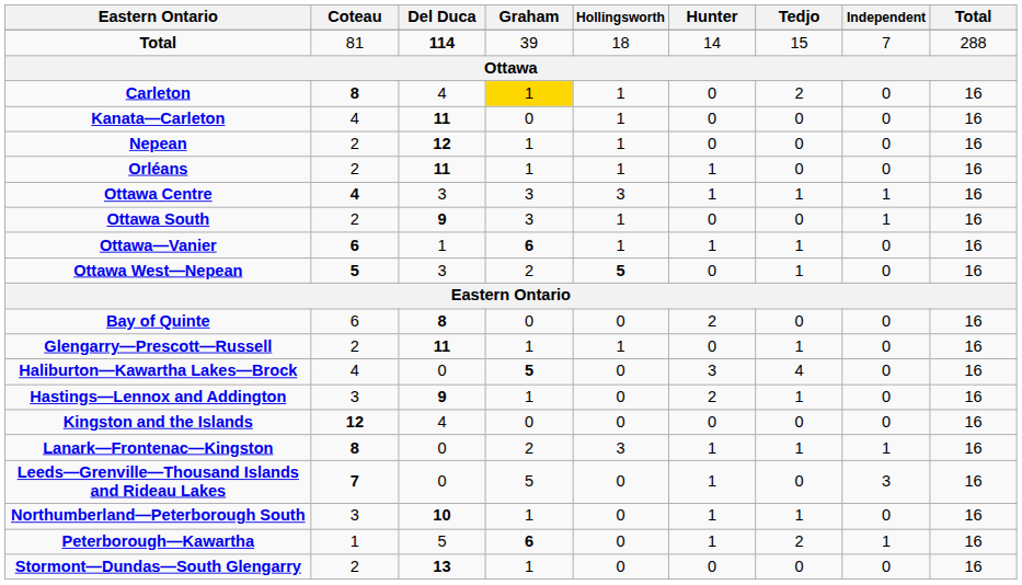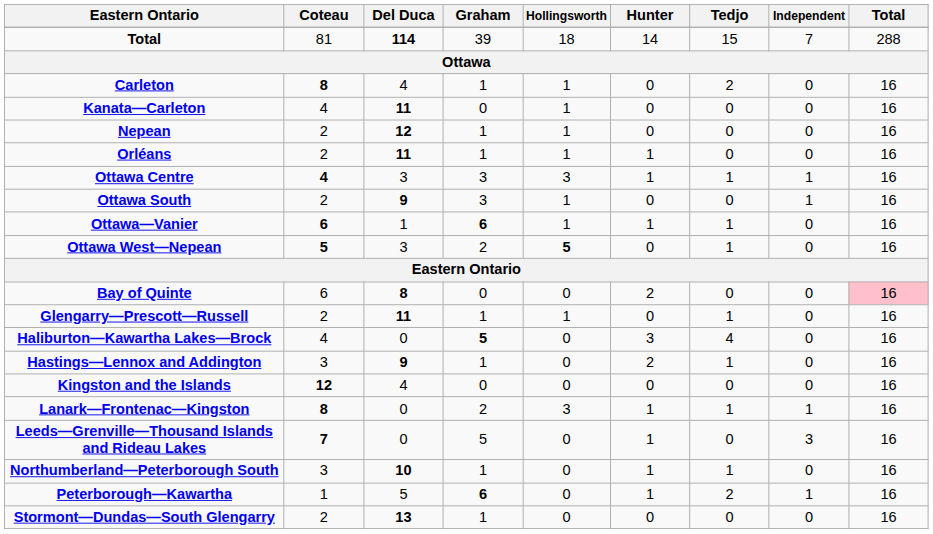 <table class="wikitable mw-collapsible mw-collapsed">
 <tr>
 <th style="width:300px;">Eastern Ontario</th>
 <th style="width:80px;">Coteau</th>
 <th style="width:80px;">Del Duca</th>
 <th style="width:80px;">Graham</th>
 <th style="width:80px;"><small>Hollingsworth</small></th>
 <th style="width:80px;">Hunter</th>
 <th style="width:80px;">Tedjo</th>
 <th style="width:80px;"><small>Independent</small></th>
 <th style="width:80px;">Total</th>
 </tr>
 <tr>
 </tr>
 <tr style="text-align:center;">
 <td><strong>Total</strong></td>
 <td>81</td>
 <td><strong>114</strong></td>
 <td>39</td>
 <td>18</td>
 <td>14</td>
 <td>15</td>
 <td>7</td>
 <td>288</td>
 </tr>
 <tr>
 <th colspan = "9">Ottawa</th>
 </tr>
 <tr style="text-align:center;">
 <td><strong><a href='#'>Carleton</a></strong></td>
 <td><strong>8</strong></td>
 <td>4</td>
-<td style="background: gold;">1</td>
+<td>1</td>
 <td>1</td>
 <td>0</td>
 <td>2</td>
 <td>0</td>
 <td>16</td>
 </tr>
 <tr style="text-align:center;">
 <td><strong><a href='#'>Kanata—Carleton</a></strong></td>
 <td>4</td>
 <td><strong>11</strong></td>
 <td>0</td>
 <td>1</td>
 <td>0</td>
 <td>0</td>
 <td>0</td>
 <td>16</td>
 </tr>
 <tr style="text-align:center;">
 <td><strong><a href='#'>Nepean</a></strong></td>
 <td>2</td>
 <td><strong>12</strong></td>
 <td>1</td>
 <td>1</td>
 <td>0</td>
 <td>0</td>
 <td>0</td>
 <td>16</td>
 </tr>
 <tr style="text-align:center;">
 <td><strong><a href='#'>Orléans</a></strong></td>
 <td>2</td>
 <td><strong>11</strong></td>
 <td>1</td>
 <td>1</td>
 <td>1</td>
 <td>0</td>
 <td>0</td>
 <td>16</td>
 </tr>
 <tr style="text-align:center;">
 <td><strong><a href='#'>Ottawa Centre</a></strong></td>
 <td><strong>4</strong></td>
 <td>3</td>
 <td>3</td>
 <td>3</td>
 <td>1</td>
 <td>1</td>
 <td>1</td>
 <td>16</td>
 </tr>
 <tr style="text-align:center;">
 <td><strong><a href='#'>Ottawa South</a></strong></td>
 <td>2</td>
 <td><strong>9</strong></td>
 <td>3</td>
 <td>1</td>
 <td>0</td>
 <td>0</td>
 <td>1</td>
 <td>16</td>
 </tr>
 <tr style="text-align:center;">
 <td><strong><a href='#'>Ottawa—Vanier</a></strong></td>
 <td><strong>6</strong></td>
 <td>1</td>
 <td><strong>6</strong></td>
 <td>1</td>
 <td>1</td>
 <td>1</td>
 <td>0</td>
 <td>16</td>
 </tr>
 <tr style="text-align:center;">
 <td><strong><a href='#'>Ottawa West—Nepean</a></strong></td>
 <td><strong>5</strong></td>
 <td>3</td>
 <td>2</td>
 <td><strong>5</strong></td>
 <td>0</td>
 <td>1</td>
 <td>0</td>
 <td>16</td>
 </tr>
 <tr>
 <th colspan = "9">Eastern Ontario</th>
 </tr>
 <tr style="text-align:center;">
 <td><strong><a href='#'>Bay of Quinte</a></strong></td>
 <td>6</td>
 <td><strong>8</strong></td>
 <td>0</td>
 <td>0</td>
 <td>2</td>
 <td>0</td>
 <td>0</td>
-<td>16</td>
+<td style="background: pink;">16</td>
 </tr>
 <tr style="text-align:center;">
 <td><strong><a href='#'>Glengarry—Prescott—Russell</a></strong></td>
 <td>2</td>
 <td><strong>11</strong></td>
 <td>1</td>
 <td>1</td>
 <td>0</td>
 <td>1</td>
 <td>0</td>
 <td>16</td>
 </tr>
 <tr style="text-align:center;">
 <td><strong><a href='#'>Haliburton—Kawartha Lakes—Brock</a></strong></td>
 <td>4</td>
 <td>0</td>
 <td><strong>5</strong></td>
 <td>0</td>
 <td>3</td>
 <td>4</td>
 <td>0</td>
 <td>16</td>
 </tr>
 <tr style="text-align:center;">
 <td><strong><a href='#'>Hastings—Lennox and Addington</a></strong></td>
 <td>3</td>
 <td><strong>9</strong></td>
 <td>1</td>
 <td>0</td>
 <td>2</td>
 <td>1</td>
 <td>0</td>
 <td>16</td>
 </tr>
 <tr style="text-align:center;">
 <td><strong><a href='#'>Kingston and the Islands</a></strong></td>
 <td><strong>12</strong></td>
 <td>4</td>
 <td>0</td>
 <td>0</td>
 <td>0</td>
 <td>0</td>
 <td>0</td>
 <td>16</td>
 </tr>
 <tr style="text-align:center;">
 <td><strong><a href='#'>Lanark—Frontenac—Kingston</a></strong></td>
 <td><strong>8</strong></td>
 <td>0</td>
 <td>2</td>
 <td>3</td>
 <td>1</td>
 <td>1</td>
 <td>1</td>
 <td>16</td>
 </tr>
 <tr style="text-align:center;">
 <td><strong><a href='#'>Leeds—Grenville—Thousand Islands<br> and Rideau Lakes</a></strong></td>
 <td><strong>7</strong></td>
 <td>0</td>
 <td>5</td>
 <td>0</td>
 <td>1</td>
 <td>0</td>
 <td>3</td>
 <td>16</td>
 </tr>
 <tr style="text-align:center;">
 <td><strong><a href='#'>Northumberland—Peterborough South</a></strong></td>
 <td>3</td>
 <td><strong>10</strong></td>
 <td>1</td>
 <td>0</td>
 <td>1</td>
 <td>1</td>
 <td>0</td>
 <td>16</td>
 </tr>
 <tr style="text-align:center;">
 <td><strong><a href='#'>Peterborough—Kawartha</a></strong></td>
 <td>1</td>
 <td>5</td>
 <td><strong>6</strong></td>
 <td>0</td>
 <td>1</td>
 <td>2</td>
 <td>1</td>
 <td>16</td>
 </tr>
 <tr style="text-align:center;">
 <td><strong><a href='#'>Stormont—Dundas—South Glengarry</a></strong></td>
 <td>2</td>
 <td><strong>13</strong></td>
 <td>1</td>
 <td>0</td>
 <td>0</td>
 <td>0</td>
 <td>0</td>
 <td>16</td>
 </tr>
 </table>
